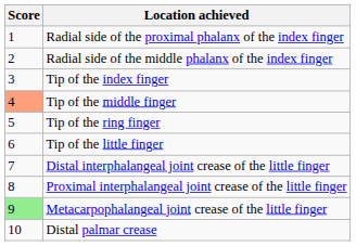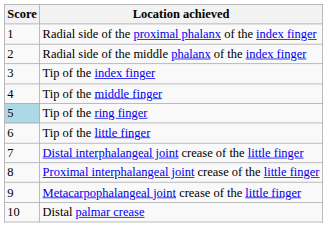 <table class="wikitable">
 <tr>
 <th>Score</th>
 <th>Location achieved</th>
 </tr>
 <tr>
 <td>1</td>
 <td>Radial side of the <a href='#'>proximal phalanx</a> of the <a href='#'>index finger</a></td>
 </tr>
 <tr>
 <td>2</td>
 <td>Radial side of the middle <a href='#'>phalanx</a> of the <a href='#'>index finger</a></td>
 </tr>
 <tr>
 <td>3</td>
 <td>Tip of the <a href='#'>index finger</a></td>
 </tr>
 <tr>
-<td style="background: lightsalmon;">4</td>
+<td>4</td>
 <td>Tip of the <a href='#'>middle finger</a></td>
 </tr>
 <tr>
-<td>5</td>
+<td style="background: lightblue;">5</td>
 <td>Tip of the <a href='#'>ring finger</a></td>
 </tr>
 <tr>
 <td>6</td>
 <td>Tip of the <a href='#'>little finger</a></td>
 </tr>
 <tr>
 <td>7</td>
 <td><a href='#'>Distal interphalangeal joint</a> crease of the <a href='#'>little finger</a></td>
 </tr>
 <tr>
 <td>8</td>
 <td><a href='#'>Proximal interphalangeal joint</a> crease of the <a href='#'>little finger</a></td>
 </tr>
 <tr>
-<td style="background: lightgreen;">9</td>
+<td>9</td>
 <td><a href='#'>Metacarpophalangeal joint</a> crease of the <a href='#'>little finger</a></td>
 </tr>
 <tr>
 <td>10</td>
 <td>Distal <a href='#'>palmar crease</a></td>
 </tr>
 </table>
